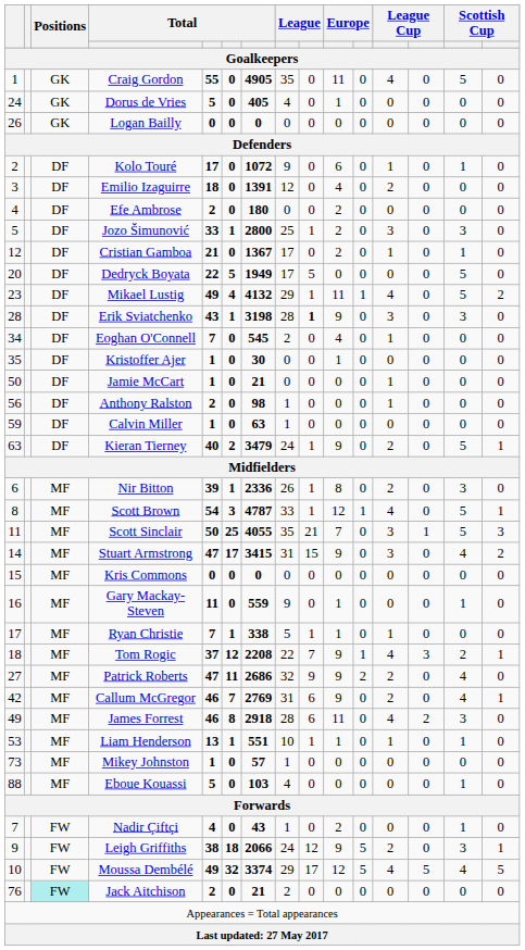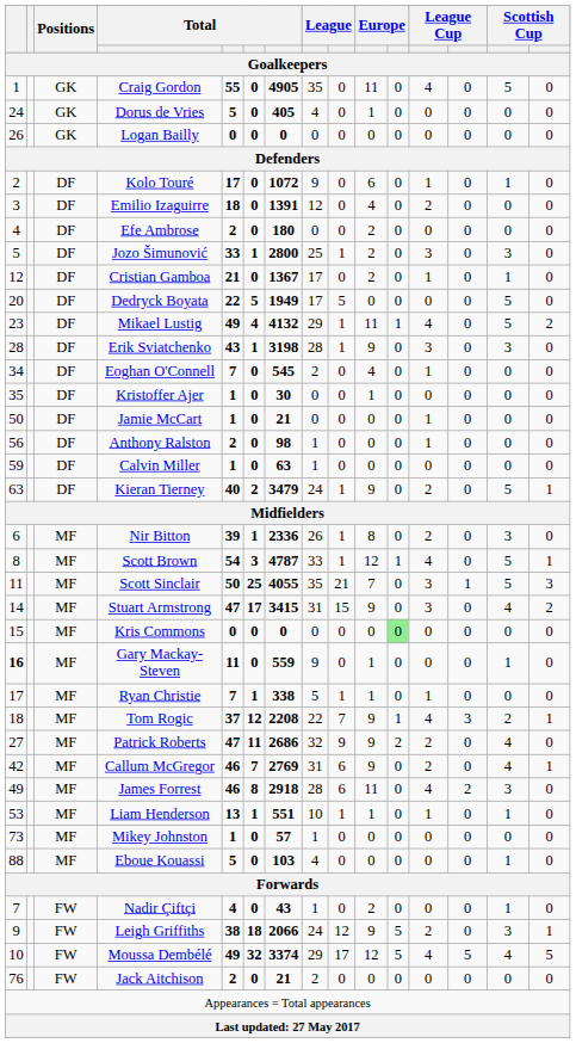 <table class="wikitable" style="text-align: center">
 <tr align="center" style="background:#9C9C9C">
 <th rowspan="2"></th>
 <th rowspan="2"></th>
 <th rowspan="2">Positions</th>
 <th colspan="4">Total</th>
 <th colspan="2"><a href='#'>League</a></th>
 <th colspan="2"><a href='#'>Europe</a></th>
 <th colspan="2"><a href='#'>League Cup</a></th>
 <th colspan="2"><a href='#'>Scottish Cup</a></th>
 </tr>
 <tr style="background:#DCDCDC">
 <th></th>
 <th></th>
 <th></th>
 <th></th>
 <th></th>
 <th></th>
 <th></th>
 <th></th>
 <th></th>
 <th></th>
 <th></th>
 <th></th>
 </tr>
 <tr style="background:#DCDCDC">
 <th colspan="15">Goalkeepers</th>
 </tr>
 <tr>
 <td>1</td>
 <td></td>
 <td>GK</td>
 <td><a href='#'>Craig Gordon</a></td>
 <td><strong>55</strong></td>
 <td><strong>0</strong></td>
 <td><strong>4905</strong></td>
 <td>35</td>
 <td>0</td>
 <td>11</td>
 <td>0</td>
 <td>4</td>
 <td>0</td>
 <td>5</td>
 <td>0</td>
 </tr>
 <tr>
 <td>24</td>
 <td></td>
 <td>GK</td>
 <td><a href='#'>Dorus de Vries</a></td>
 <td><strong>5</strong></td>
 <td><strong>0</strong></td>
 <td><strong>405</strong></td>
 <td>4</td>
 <td>0</td>
 <td>1</td>
 <td>0</td>
 <td>0</td>
 <td>0</td>
 <td>0</td>
 <td>0</td>
 </tr>
 <tr>
 <td>26</td>
 <td></td>
 <td>GK</td>
 <td><a href='#'>Logan Bailly</a></td>
 <td><strong>0</strong></td>
 <td><strong>0</strong></td>
 <td><strong>0</strong></td>
 <td>0</td>
 <td>0</td>
 <td>0</td>
 <td>0</td>
 <td>0</td>
 <td>0</td>
 <td>0</td>
 <td>0</td>
 </tr>
 <tr>
 <th colspan="15">Defenders</th>
 </tr>
 <tr>
 <td>2</td>
 <td></td>
 <td>DF</td>
 <td><a href='#'>Kolo Touré</a></td>
 <td><strong>17</strong></td>
 <td><strong>0</strong></td>
 <td><strong>1072</strong></td>
 <td>9</td>
 <td>0</td>
 <td>6</td>
 <td>0</td>
 <td>1</td>
 <td>0</td>
 <td>1</td>
 <td>0</td>
 </tr>
 <tr>
 <td>3</td>
 <td></td>
 <td>DF</td>
 <td><a href='#'>Emilio Izaguirre</a></td>
 <td><strong>18</strong></td>
 <td><strong>0</strong></td>
 <td><strong>1391</strong></td>
 <td>12</td>
 <td>0</td>
 <td>4</td>
 <td>0</td>
 <td>2</td>
 <td>0</td>
 <td>0</td>
 <td>0</td>
 </tr>
 <tr>
 <td>4</td>
 <td></td>
 <td>DF</td>
 <td><a href='#'>Efe Ambrose</a></td>
 <td><strong>2</strong></td>
 <td><strong>0</strong></td>
 <td><strong>180</strong></td>
 <td>0</td>
 <td>0</td>
 <td>2</td>
 <td>0</td>
 <td>0</td>
 <td>0</td>
 <td>0</td>
 <td>0</td>
 </tr>
 <tr>
 <td>5</td>
 <td></td>
 <td>DF</td>
 <td><a href='#'>Jozo Šimunović</a></td>
 <td><strong>33</strong></td>
 <td><strong>1</strong></td>
 <td><strong>2800</strong></td>
 <td>25</td>
 <td>1</td>
 <td>2</td>
 <td>0</td>
 <td>3</td>
 <td>0</td>
 <td>3</td>
 <td>0</td>
 </tr>
 <tr>
 <td>12</td>
 <td></td>
 <td>DF</td>
 <td><a href='#'>Cristian Gamboa</a></td>
 <td><strong>21</strong></td>
 <td><strong>0</strong></td>
 <td><strong>1367</strong></td>
 <td>17</td>
 <td>0</td>
 <td>2</td>
 <td>0</td>
 <td>1</td>
 <td>0</td>
 <td>1</td>
 <td>0</td>
 </tr>
 <tr>
 <td>20</td>
 <td></td>
 <td>DF</td>
 <td><a href='#'>Dedryck Boyata</a></td>
 <td><strong>22</strong></td>
 <td><strong>5</strong></td>
 <td><strong>1949</strong></td>
 <td>17</td>
 <td>5</td>
 <td>0</td>
 <td>0</td>
 <td>0</td>
 <td>0</td>
 <td>5</td>
 <td>0</td>
 </tr>
 <tr>
 <td>23</td>
 <td></td>
 <td>DF</td>
 <td><a href='#'>Mikael Lustig</a></td>
 <td><strong>49</strong></td>
 <td><strong>4</strong></td>
 <td><strong>4132</strong></td>
 <td>29</td>
 <td>1</td>
 <td>11</td>
 <td>1</td>
 <td>4</td>
 <td>0</td>
 <td>5</td>
 <td>2</td>
 </tr>
 <tr>
 <td>28</td>
 <td></td>
 <td>DF</td>
 <td><a href='#'>Erik Sviatchenko</a></td>
 <td><strong>43</strong></td>
 <td><strong>1</strong></td>
 <td><strong>3198</strong></td>
 <td>28</td>
-<td><strong>1</strong></td>
+<td>1</td>
 <td>9</td>
 <td>0</td>
 <td>3</td>
 <td>0</td>
 <td>3</td>
 <td>0</td>
 </tr>
 <tr>
 <td>34</td>
 <td></td>
 <td>DF</td>
 <td><a href='#'>Eoghan O'Connell</a></td>
 <td><strong>7</strong></td>
 <td><strong>0</strong></td>
 <td><strong>545</strong></td>
 <td>2</td>
 <td>0</td>
 <td>4</td>
 <td>0</td>
 <td>1</td>
 <td>0</td>
 <td>0</td>
 <td>0</td>
 </tr>
 <tr>
 <td>35</td>
 <td></td>
 <td>DF</td>
 <td><a href='#'>Kristoffer Ajer</a></td>
 <td><strong>1</strong></td>
 <td><strong>0</strong></td>
 <td><strong>30</strong></td>
 <td>0</td>
 <td>0</td>
 <td>1</td>
 <td>0</td>
 <td>0</td>
 <td>0</td>
 <td>0</td>
 <td>0</td>
 </tr>
 <tr>
 <td>50</td>
 <td></td>
 <td>DF</td>
 <td><a href='#'>Jamie McCart</a></td>
 <td><strong>1</strong></td>
 <td><strong>0</strong></td>
 <td><strong>21</strong></td>
 <td>0</td>
 <td>0</td>
 <td>0</td>
 <td>0</td>
 <td>1</td>
 <td>0</td>
 <td>0</td>
 <td>0</td>
 </tr>
 <tr>
 <td>56</td>
 <td></td>
 <td>DF</td>
 <td><a href='#'>Anthony Ralston</a></td>
 <td><strong>2</strong></td>
 <td><strong>0</strong></td>
 <td><strong>98</strong></td>
 <td>1</td>
 <td>0</td>
 <td>0</td>
 <td>0</td>
 <td>1</td>
 <td>0</td>
 <td>0</td>
 <td>0</td>
 </tr>
 <tr>
 <td>59</td>
 <td></td>
 <td>DF</td>
 <td><a href='#'>Calvin Miller</a></td>
 <td><strong>1</strong></td>
 <td><strong>0</strong></td>
 <td><strong>63</strong></td>
 <td>1</td>
 <td>0</td>
 <td>0</td>
 <td>0</td>
 <td>0</td>
 <td>0</td>
 <td>0</td>
 <td>0</td>
 </tr>
 <tr>
 <td>63</td>
 <td></td>
 <td>DF</td>
 <td><a href='#'>Kieran Tierney</a></td>
 <td><strong>40</strong></td>
 <td><strong>2</strong></td>
 <td><strong>3479</strong></td>
 <td>24</td>
 <td>1</td>
 <td>9</td>
 <td>0</td>
 <td>2</td>
 <td>0</td>
 <td>5</td>
 <td>1</td>
 </tr>
 <tr>
 <th colspan="15">Midfielders</th>
 </tr>
 <tr>
 <td>6</td>
 <td></td>
 <td>MF</td>
 <td><a href='#'>Nir Bitton</a></td>
 <td><strong>39</strong></td>
 <td><strong>1</strong></td>
 <td><strong>2336</strong></td>
 <td>26</td>
 <td>1</td>
 <td>8</td>
 <td>0</td>
 <td>2</td>
 <td>0</td>
 <td>3</td>
 <td>0</td>
 </tr>
 <tr>
 <td>8</td>
 <td></td>
 <td>MF</td>
 <td><a href='#'>Scott Brown</a></td>
 <td><strong>54</strong></td>
 <td><strong>3</strong></td>
 <td><strong>4787</strong></td>
 <td>33</td>
 <td>1</td>
 <td>12</td>
 <td>1</td>
 <td>4</td>
 <td>0</td>
 <td>5</td>
 <td>1</td>
 </tr>
 <tr>
 <td>11</td>
 <td></td>
 <td>MF</td>
 <td><a href='#'>Scott Sinclair</a></td>
 <td><strong>50</strong></td>
 <td><strong>25</strong></td>
 <td><strong>4055</strong></td>
 <td>35</td>
 <td>21</td>
 <td>7</td>
 <td>0</td>
 <td>3</td>
 <td>1</td>
 <td>5</td>
 <td>3</td>
 </tr>
 <tr>
 <td>14</td>
 <td></td>
 <td>MF</td>
 <td><a href='#'>Stuart Armstrong</a></td>
 <td><strong>47</strong></td>
 <td><strong>17</strong></td>
 <td><strong>3415</strong></td>
 <td>31</td>
 <td>15</td>
 <td>9</td>
 <td>0</td>
 <td>3</td>
 <td>0</td>
 <td>4</td>
 <td>2</td>
 </tr>
 <tr>
 <td>15</td>
 <td></td>
 <td>MF</td>
 <td><a href='#'>Kris Commons</a></td>
 <td><strong>0</strong></td>
 <td><strong>0</strong></td>
 <td><strong>0</strong></td>
 <td>0</td>
 <td>0</td>
 <td>0</td>
-<td>0</td>
+<td style="background: lightgreen;">0</td>
 <td>0</td>
 <td>0</td>
 <td>0</td>
 <td>0</td>
 </tr>
 <tr>
-<td>16</td>
+<td><strong>16</strong></td>
 <td></td>
 <td>MF</td>
 <td><a href='#'>Gary Mackay-Steven</a></td>
 <td><strong>11</strong></td>
 <td><strong>0</strong></td>
 <td><strong>559</strong></td>
 <td>9</td>
 <td>0</td>
 <td>1</td>
 <td>0</td>
 <td>0</td>
 <td>0</td>
 <td>1</td>
 <td>0</td>
 </tr>
 <tr>
 <td>17</td>
 <td></td>
 <td>MF</td>
 <td><a href='#'>Ryan Christie</a></td>
 <td><strong>7</strong></td>
 <td><strong>1</strong></td>
 <td><strong>338</strong></td>
 <td>5</td>
 <td>1</td>
 <td>1</td>
 <td>0</td>
 <td>1</td>
 <td>0</td>
 <td>0</td>
 <td>0</td>
 </tr>
 <tr>
 <td>18</td>
 <td></td>
 <td>MF</td>
 <td><a href='#'>Tom Rogic</a></td>
 <td><strong>37</strong></td>
 <td><strong>12</strong></td>
 <td><strong>2208</strong></td>
 <td>22</td>
 <td>7</td>
 <td>9</td>
 <td>1</td>
 <td>4</td>
 <td>3</td>
 <td>2</td>
 <td>1</td>
 </tr>
 <tr>
 <td>27</td>
 <td></td>
 <td>MF</td>
 <td><a href='#'>Patrick Roberts</a></td>
 <td><strong>47</strong></td>
 <td><strong>11</strong></td>
 <td><strong>2686</strong></td>
 <td>32</td>
 <td>9</td>
 <td>9</td>
 <td>2</td>
 <td>2</td>
 <td>0</td>
 <td>4</td>
 <td>0</td>
 </tr>
 <tr>
 <td>42</td>
 <td></td>
 <td>MF</td>
 <td><a href='#'>Callum McGregor</a></td>
 <td><strong>46</strong></td>
 <td><strong>7</strong></td>
 <td><strong>2769</strong></td>
 <td>31</td>
 <td>6</td>
 <td>9</td>
 <td>0</td>
 <td>2</td>
 <td>0</td>
 <td>4</td>
 <td>1</td>
 </tr>
 <tr>
 <td>49</td>
 <td></td>
 <td>MF</td>
 <td><a href='#'>James Forrest</a></td>
 <td><strong>46</strong></td>
 <td><strong>8</strong></td>
 <td><strong>2918</strong></td>
 <td>28</td>
 <td>6</td>
 <td>11</td>
 <td>0</td>
 <td>4</td>
 <td>2</td>
 <td>3</td>
 <td>0</td>
 </tr>
 <tr>
 <td>53</td>
 <td></td>
 <td>MF</td>
 <td><a href='#'>Liam Henderson</a></td>
 <td><strong>13</strong></td>
 <td><strong>1</strong></td>
 <td><strong>551</strong></td>
 <td>10</td>
 <td>1</td>
 <td>1</td>
 <td>0</td>
 <td>1</td>
 <td>0</td>
 <td>1</td>
 <td>0</td>
 </tr>
 <tr>
 <td>73</td>
 <td></td>
 <td>MF</td>
 <td><a href='#'>Mikey Johnston</a></td>
 <td><strong>1</strong></td>
 <td><strong>0</strong></td>
 <td><strong>57</strong></td>
 <td>1</td>
 <td>0</td>
 <td>0</td>
 <td>0</td>
 <td>0</td>
 <td>0</td>
 <td>0</td>
 <td>0</td>
 </tr>
 <tr>
 <td>88</td>
 <td></td>
 <td>MF</td>
 <td><a href='#'>Eboue Kouassi</a></td>
 <td><strong>5</strong></td>
 <td><strong>0</strong></td>
 <td><strong>103</strong></td>
 <td>4</td>
 <td>0</td>
 <td>0</td>
 <td>0</td>
 <td>0</td>
 <td>0</td>
 <td>1</td>
 <td>0</td>
 </tr>
 <tr>
 <th colspan="15">Forwards</th>
 </tr>
 <tr>
 <td>7</td>
 <td></td>
 <td>FW</td>
 <td><a href='#'>Nadir Çiftçi</a></td>
 <td><strong>4</strong></td>
 <td><strong>0</strong></td>
 <td><strong>43</strong></td>
 <td>1</td>
 <td>0</td>
 <td>2</td>
 <td>0</td>
 <td>0</td>
 <td>0</td>
 <td>1</td>
 <td>0</td>
 </tr>
 <tr>
 <td>9</td>
 <td></td>
 <td>FW</td>
 <td><a href='#'>Leigh Griffiths</a></td>
 <td><strong>38</strong></td>
 <td><strong>18</strong></td>
 <td><strong>2066</strong></td>
 <td>24</td>
 <td>12</td>
 <td>9</td>
 <td>5</td>
 <td>2</td>
 <td>0</td>
 <td>3</td>
 <td>1</td>
 </tr>
 <tr>
 <td>10</td>
 <td></td>
 <td>FW</td>
 <td><a href='#'>Moussa Dembélé</a></td>
 <td><strong>49</strong></td>
 <td><strong>32</strong></td>
 <td><strong>3374</strong></td>
 <td>29</td>
 <td>17</td>
 <td>12</td>
 <td>5</td>
 <td>4</td>
 <td>5</td>
 <td>4</td>
 <td>5</td>
 </tr>
 <tr>
 <td>76</td>
 <td></td>
-<td style="background: paleturquoise;">FW</td>
+<td>FW</td>
 <td><a href='#'>Jack Aitchison</a></td>
 <td><strong>2</strong></td>
 <td><strong>0</strong></td>
 <td><strong>21</strong></td>
 <td>2</td>
 <td>0</td>
 <td>0</td>
 <td>0</td>
 <td>0</td>
 <td>0</td>
 <td>0</td>
 <td>0</td>
 </tr>
 <tr>
 <td 23! colspan="16"><small>Appearances = Total appearances</small></td>
 </tr>
 <tr align="left">
 <th colspan="16"><small>Last updated: 27 May 2017</small></th>
 </tr>
 </table>
